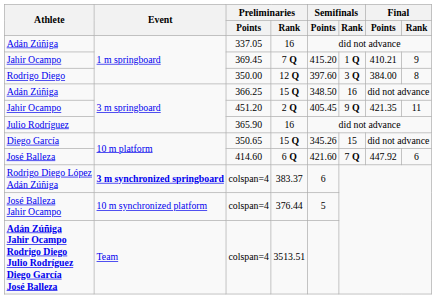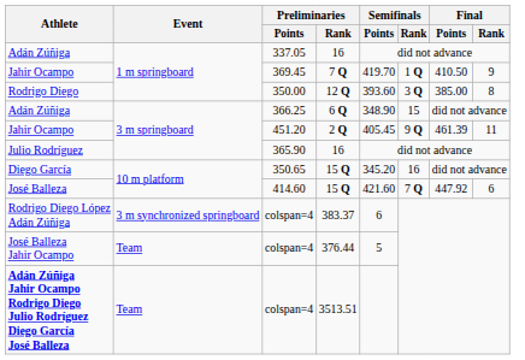 <table class=wikitable style="font-size:90%;">
 <tr>
 <th rowspan="2">Athlete</th>
 <th rowspan="2">Event</th>
 <th colspan="2">Preliminaries</th>
 <th colspan="2">Semifinals</th>
 <th colspan="2">Final</th>
 </tr>
 <tr style="font-size:95%">
 <th>Points</th>
 <th>Rank</th>
 <th>Points</th>
 <th>Rank</th>
 <th>Points</th>
 <th>Rank</th>
 </tr>
 <tr align=center>
 <td align=left><a href='#'>Adán Zúñiga</a></td>
 <td align=left rowspan=3><a href='#'>1 m springboard</a></td>
 <td>337.05</td>
 <td>16</td>
 <td colspan=4>did not advance</td>
 </tr>
 <tr align=center>
 <td align=left><a href='#'>Jahir Ocampo</a></td>
 <td>369.45</td>
 <td>7 <strong>Q</strong></td>
-<td>415.20</td>
+<td>419.70</td>
 <td>1 <strong>Q</strong></td>
-<td>410.21</td>
+<td>410.50</td>
 <td>9</td>
 </tr>
 <tr align=center>
 <td align=left><a href='#'>Rodrigo Diego</a></td>
 <td>350.00</td>
 <td>12 <strong>Q</strong></td>
-<td>397.60</td>
+<td>393.60</td>
 <td>3 <strong>Q</strong></td>
-<td>384.00</td>
+<td>385.00</td>
 <td>8</td>
 </tr>
 <tr align=center>
 <td align=left><a href='#'>Adán Zúñiga</a></td>
 <td align=left rowspan=3><a href='#'>3 m springboard</a></td>
 <td>366.25</td>
-<td>15 <strong>Q</strong></td>
-<td>348.50</td>
-<td>16</td>
+<td>6 <strong>Q</strong></td>
+<td>348.90</td>
+<td>15</td>
 <td colspan=2>did not advance</td>
 </tr>
 <tr align=center>
 <td align=left><a href='#'>Jahir Ocampo</a></td>
 <td>451.20</td>
 <td>2 <strong>Q</strong></td>
 <td>405.45</td>
 <td>9 <strong>Q</strong></td>
-<td>421.35</td>
+<td>461.39</td>
 <td>11</td>
 </tr>
 <tr align=center>
 <td align=left><a href='#'>Julio Rodríguez</a></td>
 <td>365.90</td>
 <td>16</td>
 <td colspan=4>did not advance</td>
 </tr>
 <tr align=center>
 <td align=left><a href='#'>Diego García</a></td>
 <td align=left rowspan=2><a href='#'>10 m platform</a></td>
 <td>350.65</td>
 <td>15 <strong>Q</strong></td>
-<td>345.26</td>
-<td>15</td>
+<td>345.20</td>
+<td>16</td>
 <td colspan=2>did not advance</td>
 </tr>
 <tr align=center>
 <td align=left><a href='#'>José Balleza</a></td>
 <td>414.60</td>
-<td>6 <strong>Q</strong></td>
+<td>15 <strong>Q</strong></td>
 <td>421.60</td>
 <td>7 <strong>Q</strong></td>
 <td>447.92</td>
 <td>6</td>
 </tr>
 <tr align=center>
 <td align=left><a href='#'>Rodrigo Diego López</a><br><a href='#'>Adán Zúñiga</a></td>
-<td align=left><strong><a href='#'>3 m synchronized springboard</a></strong></td>
+<td align=left><a href='#'>3 m synchronized springboard</a></td>
 <td>colspan=4 </td>
 <td>383.37</td>
 <td>6</td>
 </tr>
 <tr align=center>
 <td align=left><a href='#'>José Balleza</a><br><a href='#'>Jahir Ocampo</a></td>
-<td align=left><a href='#'>10 m synchronized platform</a></td>
+<td align=left><a href='#'>Team</a></td>
 <td>colspan=4 </td>
 <td>376.44</td>
 <td>5</td>
 </tr>
 <tr align=center>
 <td align=left><strong><a href='#'>Adán Zúñiga</a><br><a href='#'>Jahir Ocampo</a><br><a href='#'>Rodrigo Diego</a><br><a href='#'>Julio Rodríguez</a><br><a href='#'>Diego García</a><br><a href='#'>José Balleza</a></strong></td>
 <td align=left><a href='#'>Team</a></td>
 <td>colspan=4 </td>
 <td>3513.51</td>
 <td></td>
 </tr>
 </table>
